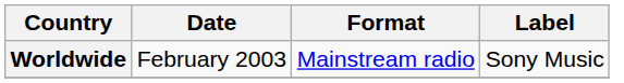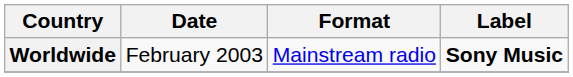 <table class="wikitable plainrowheaders">
 <tr>
 <th scope="col">Country</th>
 <th scope="col">Date</th>
 <th scope="col">Format</th>
 <th scope="col">Label</th>
 </tr>
 <tr>
 <th scope="row" rowspan="">Worldwide</th>
 <td rowspan="">February 2003</td>
 <td rowspan=""><a href='#'>Mainstream radio</a></td>
-<td rowspan="">Sony Music</td>
+<td rowspan=""><strong>Sony Music</strong></td>
 </tr>
 <tr>
 </tr>
 </table>
